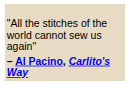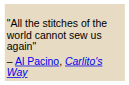 <table class="toccolours" style="float: left; margin-left: 1em; margin-right: 2em; font-size: 85%; background:#e7dcc3; color:black; width:30em; max-width: 25%;" cellspacing="2">
 <tr>
 <td style="text-align: left;"><br>"All the stitches of the world cannot sew us again"</td>
 </tr>
 <tr>
-<td style="text-align: left;"><strong>– <a href='#'>Al Pacino</a>, <em><a href='#'>Carlito's Way</a></em></strong></td>
+<td style="text-align: left;">– <a href='#'>Al Pacino</a>, <em><a href='#'>Carlito's Way</a></em></td>
 </tr>
 </table>
